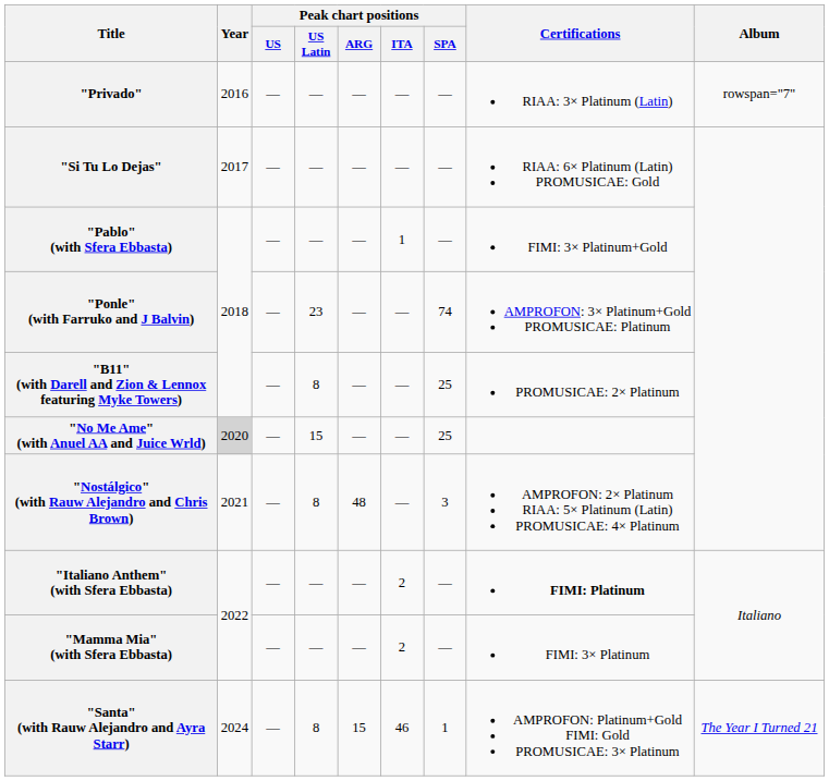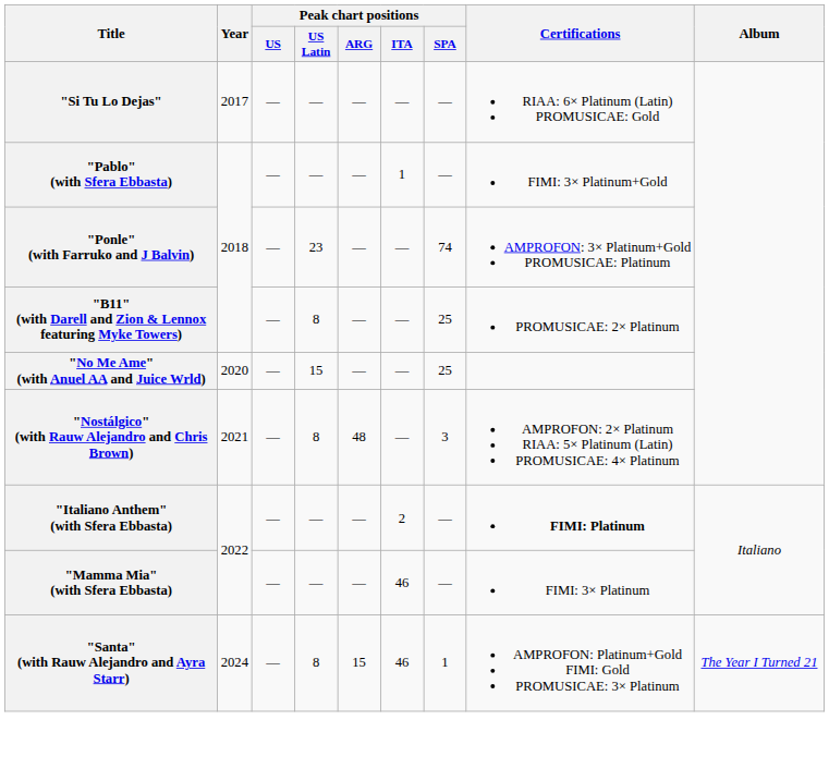 <table class="wikitable plainrowheaders" style="text-align:center;">
 <tr>
 <th scope="col" rowspan="2" style="width:15em;">Title</th>
 <th scope="col" rowspan="2" style="width:1em;">Year</th>
 <th scope="col" colspan="5">Peak chart positions</th>
 <th scope="col" rowspan="2"><a href='#'>Certifications</a></th>
 <th scope="col" rowspan="2" style="width:9em;">Album</th>
 </tr>
 <tr>
 <th scope="col" style="width:3em;font-size:90%;"><a href='#'>US</a><br></th>
 <th scope="col" style="width:3em;font-size:90%;"><a href='#'>US<br>Latin</a><br></th>
 <th scope="col" style="width:3em;font-size:90%;"><a href='#'>ARG</a><br></th>
 <th scope="col" style="width:3em;font-size:90%;"><a href='#'>ITA</a><br></th>
 <th scope="col" style="width:3em;font-size:90%;"><a href='#'>SPA</a><br></th>
-</tr>
-<tr>
-<th scope="row">"Privado"<br></th>
-<td rowspan="1">2016</td>
-<td>—</td>
-<td>—</td>
-<td>—</td>
-<td>—</td>
-<td>—</td>
-<td><br><ul><li>RIAA: 3× Platinum <span>(<a href='#'>Latin</a>)</span></li></ul></td>
-<td>rowspan="7" </td>
 </tr>
 <tr>
 <th scope="row">"Si Tu Lo Dejas"<br></th>
 <td rowspan="1">2017</td>
 <td>—</td>
 <td>—</td>
 <td>—</td>
 <td>—</td>
 <td>—</td>
 <td><br><ul><li>RIAA: 6× Platinum <span>(Latin)</span></li><li>PROMUSICAE: Gold</li></ul></td>
 </tr>
 <tr>
 <th scope="row">"Pablo"<br><span>(with <a href='#'>Sfera Ebbasta</a>)</span></th>
 <td rowspan="3">2018</td>
 <td>—</td>
 <td>—</td>
 <td>—</td>
 <td>1</td>
 <td>—</td>
 <td><br><ul><li>FIMI: 3× Platinum+Gold</li></ul></td>
 </tr>
 <tr>
 <th scope="row">"Ponle"<br><span>(with Farruko and <a href='#'>J Balvin</a>)</span></th>
 <td>—</td>
 <td>23</td>
 <td>—</td>
 <td>—</td>
 <td>74</td>
 <td><br><ul><li><a href='#'>AMPROFON</a>: 3× Platinum+Gold</li><li>PROMUSICAE: Platinum</li></ul></td>
 </tr>
 <tr>
 <th scope="row">"B11"<br><span>(with <a href='#'>Darell</a> and <a href='#'>Zion & Lennox</a> featuring <a href='#'>Myke Towers</a>)</span></th>
 <td>—</td>
 <td>8</td>
 <td>—</td>
 <td>—</td>
 <td>25</td>
 <td><br><ul><li>PROMUSICAE: 2× Platinum</li></ul></td>
 </tr>
 <tr>
 <th scope="row">"<a href='#'>No Me Ame</a>"<br><span>(with <a href='#'>Anuel AA</a> and <a href='#'>Juice Wrld</a>)</span></th>
-<td rowspan="1" style="background: lightgrey;">2020</td>
+<td rowspan="1">2020</td>
 <td>—</td>
 <td>15</td>
 <td>—</td>
 <td>—</td>
 <td>25</td>
 <td></td>
 </tr>
 <tr>
 <th scope="row">"<a href='#'>Nostálgico</a>"<br><span>(with <a href='#'>Rauw Alejandro</a> and <a href='#'>Chris Brown</a>)</span></th>
 <td rowspan="1">2021</td>
 <td>—</td>
 <td>8</td>
 <td>48</td>
 <td>—</td>
 <td>3</td>
 <td><br><ul><li>AMPROFON: 2× Platinum</li><li>RIAA: 5× Platinum <span>(Latin)</span></li><li>PROMUSICAE: 4× Platinum</li></ul></td>
 </tr>
 <tr>
 <th scope="row">"Italiano Anthem"<br><span>(with Sfera Ebbasta)</span></th>
 <td rowspan="2">2022</td>
 <td>—</td>
 <td>—</td>
 <td>—</td>
 <td>2</td>
 <td>—</td>
 <td><strong><br><ul><li>FIMI: Platinum</li></ul></strong></td>
 <td rowspan="2"><em>Italiano</em></td>
 </tr>
 <tr>
 <th scope="row">"Mamma Mia"<br><span>(with Sfera Ebbasta)</span></th>
 <td>—</td>
 <td>—</td>
 <td>—</td>
-<td>2</td>
+<td>46</td>
 <td>—</td>
 <td><br><ul><li>FIMI: 3× Platinum</li></ul></td>
 </tr>
 <tr>
 <th scope="row">"Santa"<br><span>(with Rauw Alejandro and <a href='#'>Ayra Starr</a>)</span></th>
 <td>2024</td>
 <td>—</td>
 <td>8</td>
 <td>15</td>
 <td>46</td>
 <td>1</td>
 <td><br><ul><li>AMPROFON: Platinum+Gold</li><li>FIMI: Gold</li><li>PROMUSICAE: 3× Platinum</li></ul></td>
 <td><em><a href='#'>The Year I Turned 21</a></em></td>
 </tr>
 </table>
